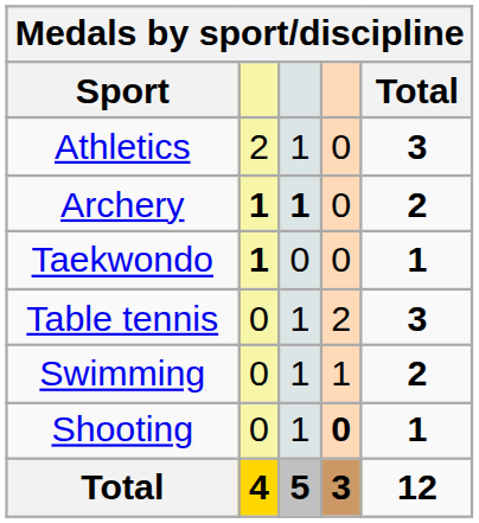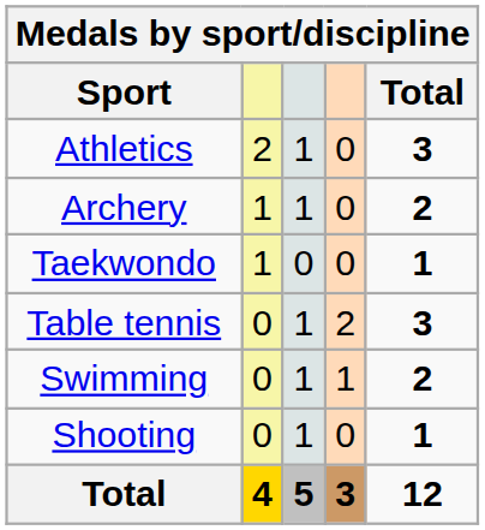 <table class="wikitable" style=font-size:85%;float:right;text-align:center>
 <tr>
 <th colspan=5>Medals by sport/discipline</th>
 </tr>
 <tr>
 <th>Sport</th>
 <td bgcolor=F7F6A8></td>
 <td bgcolor=DCE5E5></td>
 <td bgcolor=FFDAB9></td>
 <th>Total</th>
 </tr>
 <tr align=center>
 <td><a href='#'>Athletics</a></td>
 <td style="background:#F7F6A8;">2</td>
 <td style="background:#DCE5E5;">1</td>
 <td style="background:#FFDAB9;">0</td>
 <td><strong>3</strong></td>
 </tr>
 <tr align=center>
 <td><a href='#'>Archery</a></td>
-<td style="background:#F7F6A8;"><strong>1</strong></td>
-<td style="background:#DCE5E5;"><strong>1</strong></td>
+<td style="background:#F7F6A8;">1</td>
+<td style="background:#DCE5E5;">1</td>
 <td style="background:#FFDAB9;">0</td>
 <td><strong>2</strong></td>
 </tr>
 <tr align=center>
 <td><a href='#'>Taekwondo</a></td>
-<td style="background:#F7F6A8;"><strong>1</strong></td>
+<td style="background:#F7F6A8;">1</td>
 <td style="background:#DCE5E5;">0</td>
 <td style="background:#FFDAB9;">0</td>
 <td><strong>1</strong></td>
 </tr>
 <tr align=center>
 <td nowrap><a href='#'>Table tennis</a></td>
 <td style="background:#F7F6A8;">0</td>
 <td style="background:#DCE5E5;">1</td>
 <td style="background:#FFDAB9;">2</td>
 <td><strong>3</strong></td>
 </tr>
 <tr align=center>
 <td><a href='#'>Swimming</a></td>
 <td style="background:#F7F6A8;">0</td>
 <td style="background:#DCE5E5;">1</td>
 <td style="background:#FFDAB9;">1</td>
 <td><strong>2</strong></td>
 </tr>
 <tr align=center>
 <td><a href='#'>Shooting</a></td>
 <td style="background:#F7F6A8;">0</td>
 <td style="background:#DCE5E5;">1</td>
-<td style="background:#FFDAB9;"><strong>0</strong></td>
+<td style="background:#FFDAB9;">0</td>
 <td><strong>1</strong></td>
 </tr>
 <tr align=center>
 <th><strong>Total</strong></th>
 <th style="background:gold;"><strong>4</strong></th>
 <th style="background:silver;"><strong>5</strong></th>
 <th style="background:#c96;"><strong>3</strong></th>
 <td><strong>12</strong></td>
 </tr>
 </table>
